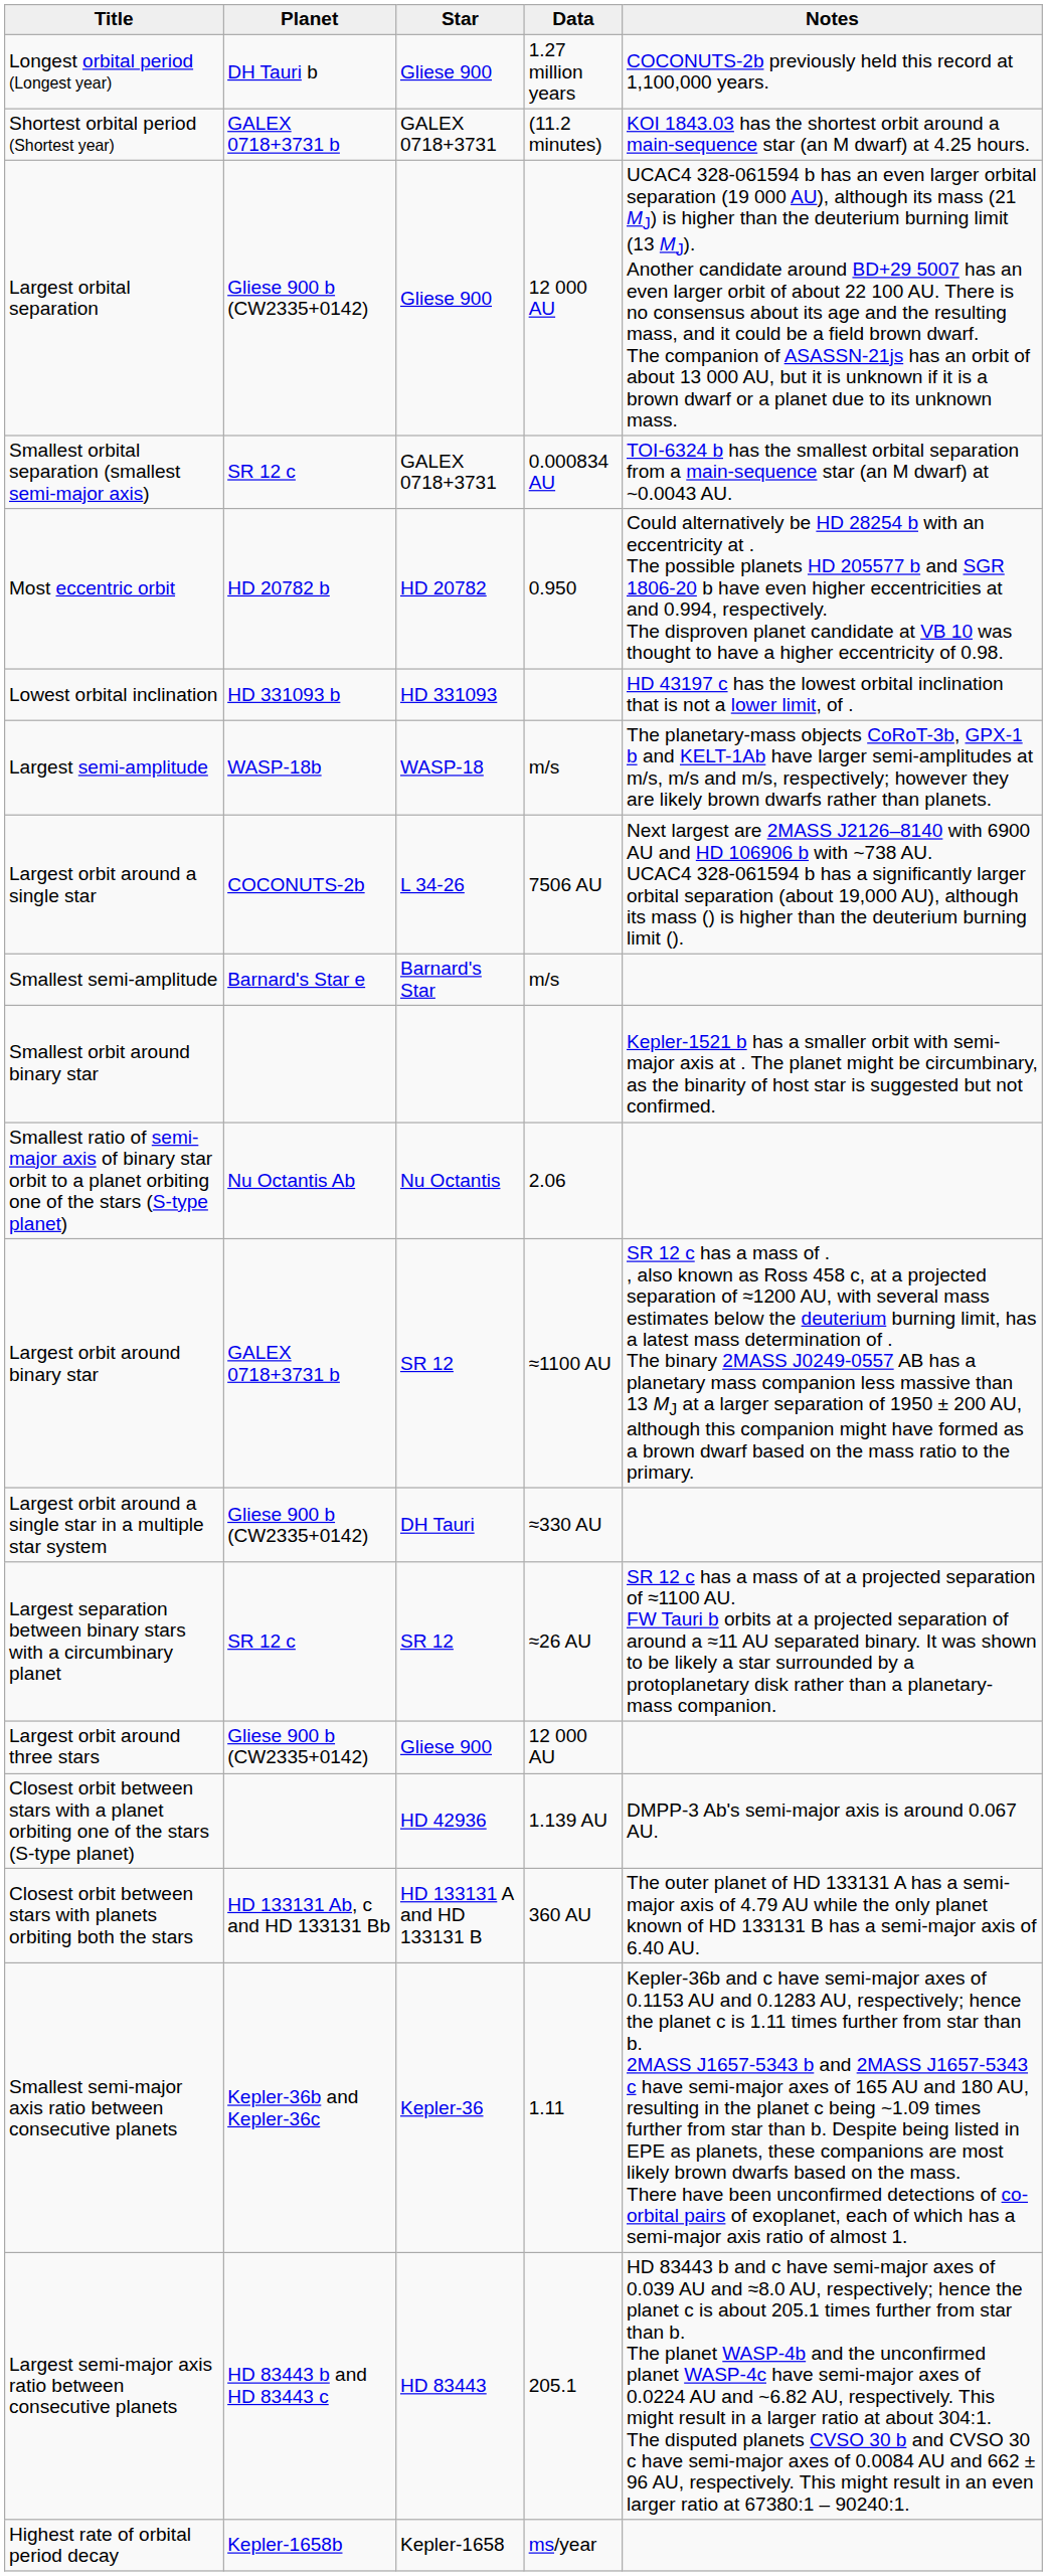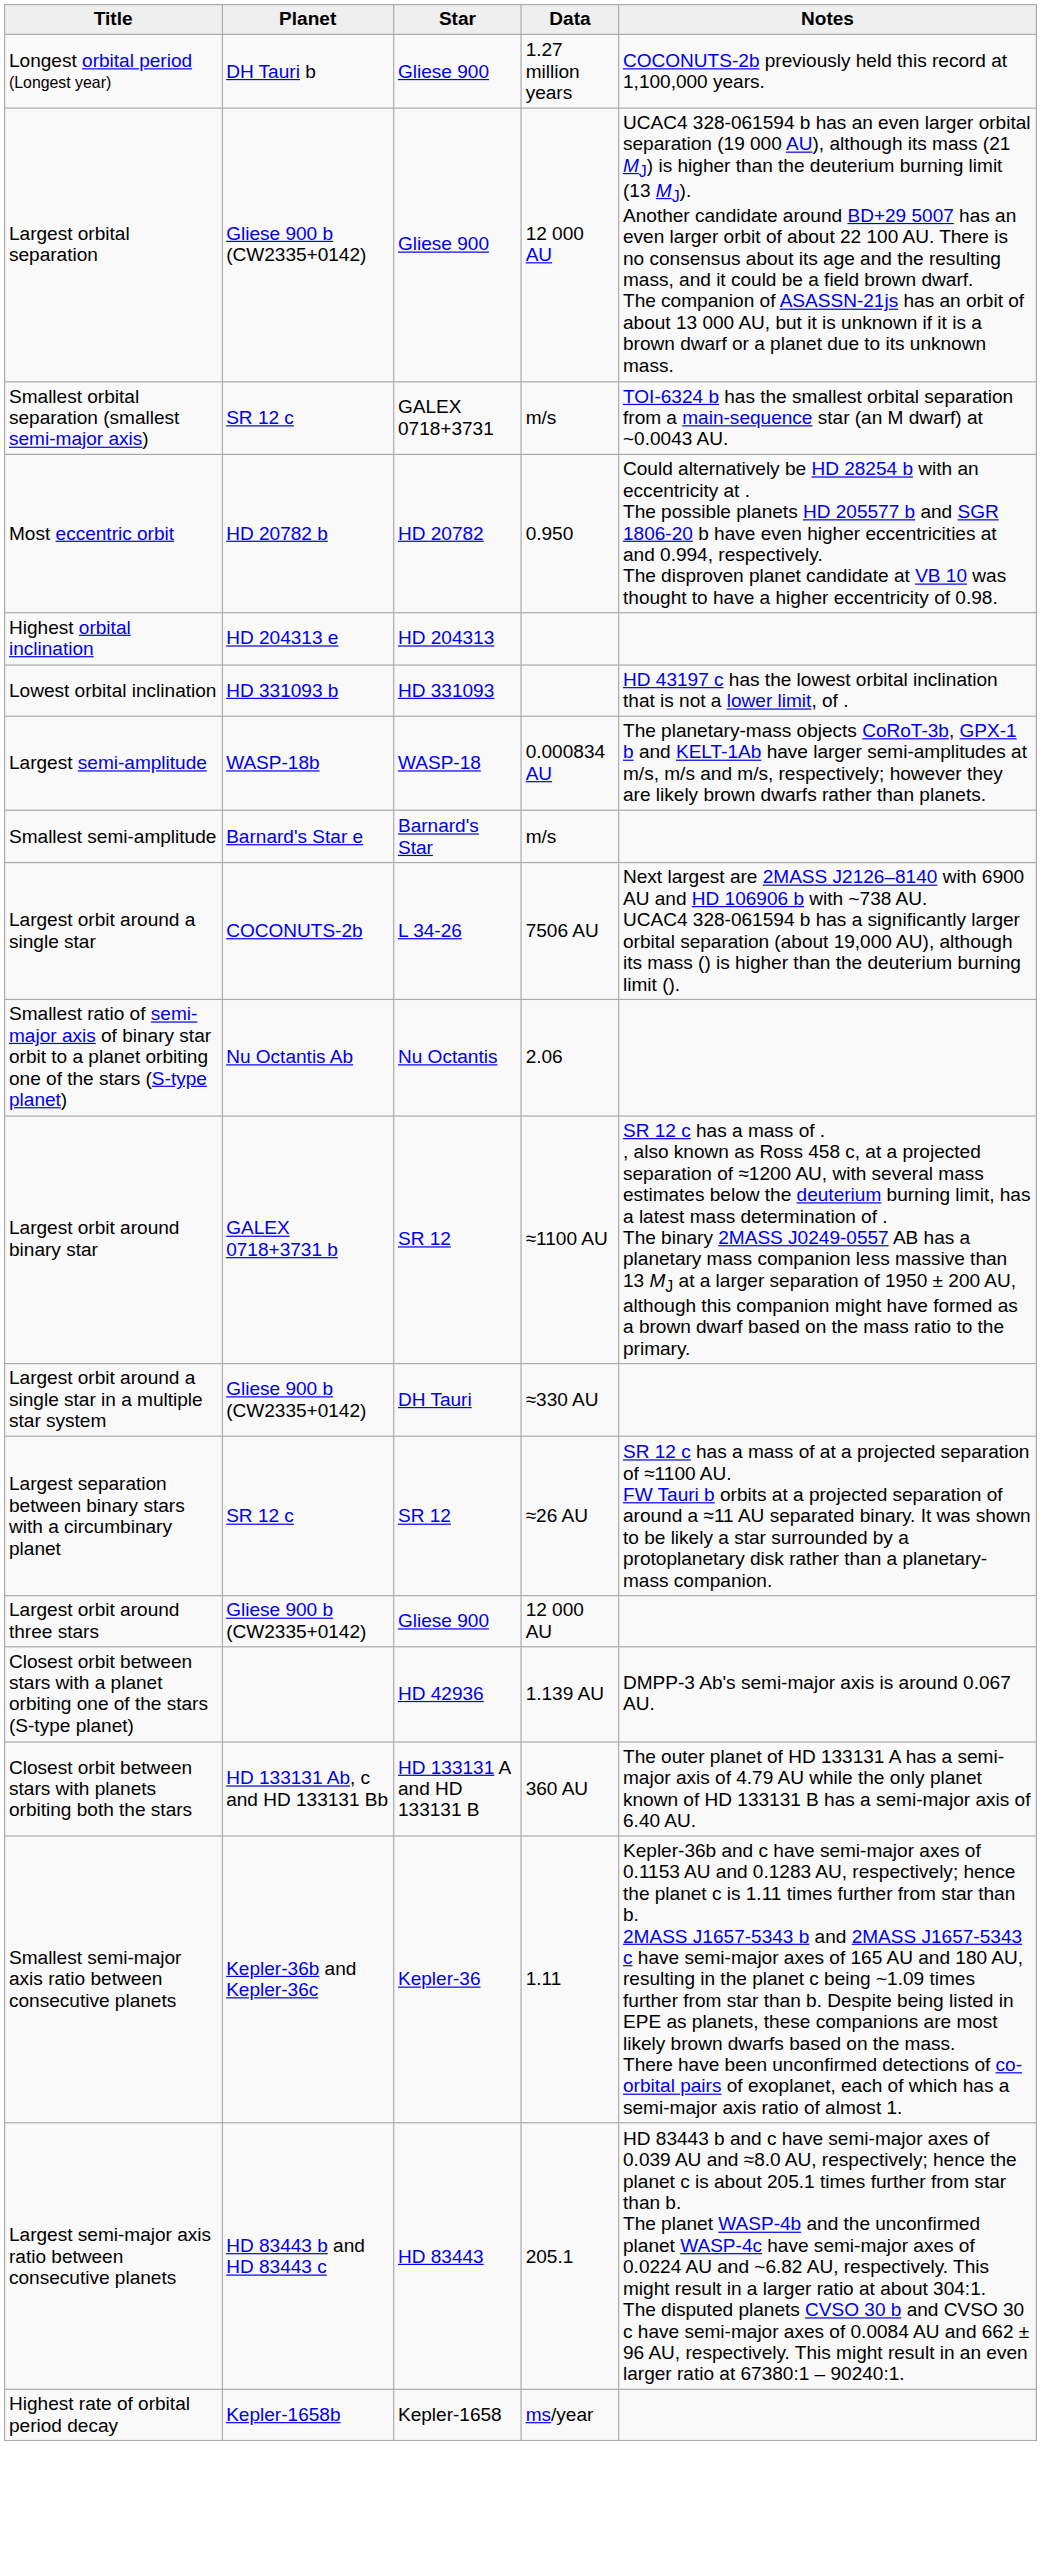 <table class="wikitable sticky-header" style="text-align:left;">
 <tr>
 <th style="background:#efefef;">Title</th>
 <th style="background:#efefef;">Planet</th>
 <th style="background:#efefef;">Star</th>
 <th style="background:#efefef;">Data</th>
 <th style="background:#efefef;">Notes</th>
 </tr>
 <tr>
 <td>Longest <a href='#'>orbital period</a><br><small>(Longest year)</small></td>
 <td><a href='#'>DH Tauri</a> b</td>
 <td><a href='#'>Gliese 900</a></td>
 <td>1.27 million years</td>
 <td><a href='#'>COCONUTS-2b</a> previously held this record at 1,100,000 years.</td>
 </tr>
 <tr>
-<td>Shortest orbital period<br><small>(Shortest year)</small></td>
-<td><a href='#'>GALEX 0718+3731 b</a></td>
-<td>GALEX 0718+3731</td>
-<td> (11.2 minutes)</td>
-<td><a href='#'>KOI 1843.03</a> has the shortest orbit around a <a href='#'>main-sequence</a> star (an M dwarf) at 4.25 hours.</td>
-</tr>
-<tr>
 <td>Largest orbital separation</td>
 <td><a href='#'>Gliese 900 b</a> (CW2335+0142)</td>
 <td><a href='#'>Gliese 900</a></td>
 <td>12 000 <a href='#'>AU</a></td>
 <td>UCAC4 328-061594 b has an even larger orbital separation (19 000 <a href='#'>AU</a>), although its mass (21 <a href='#'><var>M</var><sub>J</sub></a>) is higher than the deuterium burning limit (13 <a href='#'><var>M</var><sub>J</sub></a>).<br>Another candidate around <a href='#'>BD+29 5007</a> has an even larger orbit of about 22 100 AU. There is no consensus about its age and the resulting mass, and it could be a field brown dwarf.<br>The companion of <a href='#'>ASASSN-21js</a> has an orbit of about 13 000 AU, but it is unknown if it is a brown dwarf or a planet due to its unknown mass.</td>
 </tr>
 <tr>
 <td>Smallest orbital separation (smallest <a href='#'>semi-major axis</a>)</td>
 <td><a href='#'>SR 12 c</a></td>
 <td>GALEX 0718+3731</td>
-<td>0.000834 <a href='#'>AU</a></td>
+<td> m/s</td>
 <td><a href='#'>TOI-6324 b</a> has the smallest orbital separation from a <a href='#'>main-sequence</a> star (an M dwarf) at ~0.0043 AU.</td>
 </tr>
 <tr>
 <td>Most <a href='#'>eccentric orbit</a></td>
 <td><a href='#'>HD 20782 b</a></td>
 <td><a href='#'>HD 20782</a></td>
 <td>0.950</td>
 <td>Could alternatively be <a href='#'>HD 28254 b</a> with an eccentricity at .<br>The possible planets <a href='#'>HD 205577 b</a> and <a href='#'>SGR 1806-20</a> b have even higher eccentricities at  and 0.994, respectively.<br>The disproven planet candidate at <a href='#'>VB 10</a> was thought to have a higher eccentricity of 0.98.</td>
+</tr>
+<tr>
+<td>Highest <a href='#'>orbital inclination</a></td>
+<td><a href='#'>HD 204313 e</a></td>
+<td><a href='#'>HD 204313</a></td>
+<td></td>
+<td></td>
 </tr>
 <tr>
 <td>Lowest orbital inclination</td>
 <td><a href='#'>HD 331093 b</a></td>
 <td><a href='#'>HD 331093</a></td>
 <td></td>
 <td> <a href='#'>HD 43197 c</a> has the lowest orbital inclination that is not a <a href='#'>lower limit</a>, of .<br>   </td>
 </tr>
 <tr>
 <td>Largest <a href='#'>semi-amplitude</a></td>
 <td><a href='#'>WASP-18b</a></td>
 <td><a href='#'>WASP-18</a></td>
-<td> m/s</td>
+<td>0.000834 <a href='#'>AU</a></td>
 <td> The planetary-mass objects <a href='#'>CoRoT-3b</a>, <a href='#'>GPX-1 b</a> and <a href='#'>KELT-1Ab</a> have larger semi-amplitudes at  m/s,  m/s and  m/s, respectively; however they are likely brown dwarfs rather than planets.</td>
-</tr>
-<tr>
-<td>Largest orbit around a single star</td>
-<td><a href='#'>COCONUTS-2b</a></td>
-<td><a href='#'>L 34-26</a></td>
-<td>7506 AU</td>
-<td>Next largest are <a href='#'>2MASS J2126–8140</a> with 6900 AU and <a href='#'>HD 106906 b</a> with ~738 AU.<br>UCAC4 328-061594 b has a significantly larger orbital separation (about 19,000 AU), although its mass () is higher than the deuterium burning limit ().</td>
 </tr>
 <tr>
 <td>Smallest semi-amplitude</td>
 <td><a href='#'>Barnard's Star e</a></td>
 <td><a href='#'>Barnard's Star</a></td>
 <td> m/s</td>
 <td></td>
 </tr>
 <tr>
-<td>Smallest orbit around binary star</td>
-<td></td>
-<td></td>
-<td></td>
-<td><br><a href='#'>Kepler-1521 b</a> has a smaller orbit with semi-major axis at . The planet might be circumbinary, as the binarity of host star is suggested but not confirmed.</td>
+<td>Largest orbit around a single star</td>
+<td><a href='#'>COCONUTS-2b</a></td>
+<td><a href='#'>L 34-26</a></td>
+<td>7506 AU</td>
+<td>Next largest are <a href='#'>2MASS J2126–8140</a> with 6900 AU and <a href='#'>HD 106906 b</a> with ~738 AU.<br>UCAC4 328-061594 b has a significantly larger orbital separation (about 19,000 AU), although its mass () is higher than the deuterium burning limit ().</td>
 </tr>
 <tr>
 <td>Smallest ratio of <a href='#'>semi-major axis</a> of binary star orbit to a planet orbiting one of the stars (<a href='#'>S-type planet</a>)</td>
 <td><a href='#'>Nu Octantis Ab</a></td>
 <td><a href='#'>Nu Octantis</a></td>
 <td>2.06</td>
 <td></td>
 </tr>
 <tr>
 <td>Largest orbit around binary star</td>
 <td><a href='#'>GALEX 0718+3731 b</a></td>
 <td><a href='#'>SR 12</a></td>
 <td>≈1100 AU</td>
 <td><a href='#'>SR 12 c</a> has a mass of .<br>, also known as Ross 458 c, at a projected separation of ≈1200 AU, with several mass estimates below the <a href='#'>deuterium</a> burning limit, has a latest mass determination of  .<br>The binary <a href='#'>2MASS J0249-0557</a> AB has a planetary mass companion less massive than 13 <em>M</em><sub>J</sub> at a larger separation of 1950 ± 200 AU, although this companion might have formed as a brown dwarf based on the mass ratio to the primary.</td>
 </tr>
 <tr>
 <td>Largest orbit around a single star in a multiple star system</td>
 <td><a href='#'>Gliese 900 b</a> (CW2335+0142)</td>
 <td><a href='#'>DH Tauri</a></td>
 <td>≈330 AU</td>
 <td></td>
 </tr>
 <tr>
 <td>Largest separation between binary stars with a circumbinary planet</td>
 <td><a href='#'>SR 12 c</a></td>
 <td><a href='#'>SR 12</a></td>
 <td>≈26 AU</td>
 <td><a href='#'>SR 12 c</a> has a mass of  at a projected separation of ≈1100 AU.<br> <a href='#'>FW Tauri b</a> orbits at a projected separation of  around a ≈11 AU separated binary. It was shown to be likely a  star surrounded by a protoplanetary disk rather than a planetary-mass companion.</td>
 </tr>
 <tr>
 <td>Largest orbit around three stars</td>
 <td><a href='#'>Gliese 900 b</a> (CW2335+0142)</td>
 <td><a href='#'>Gliese 900</a></td>
 <td>12 000 AU</td>
 <td></td>
 </tr>
 <tr>
 <td>Closest orbit between stars with a planet orbiting one of the stars (S-type planet)</td>
 <td></td>
 <td><a href='#'>HD 42936</a></td>
 <td>1.139 AU</td>
 <td>DMPP-3 Ab's semi-major axis is around 0.067 AU.</td>
 </tr>
 <tr>
 <td>Closest orbit between stars with planets orbiting both the stars</td>
 <td><a href='#'>HD 133131 Ab</a>, c and HD 133131 Bb</td>
 <td><a href='#'>HD 133131</a> A and HD 133131 B</td>
 <td>360 AU</td>
 <td>The outer planet of HD 133131 A has a semi-major axis of 4.79 AU while the only planet known of HD 133131 B has a semi-major axis of 6.40 AU.</td>
 </tr>
 <tr>
 <td>Smallest semi-major axis ratio between consecutive planets</td>
 <td><a href='#'>Kepler-36b</a> and <a href='#'>Kepler-36c</a></td>
 <td><a href='#'>Kepler-36</a></td>
 <td>1.11</td>
 <td>Kepler-36b and c have semi-major axes of 0.1153 AU and 0.1283 AU, respectively; hence the planet c is 1.11 times further from star than b.<br><a href='#'>2MASS J1657-5343 b</a> and <a href='#'>2MASS J1657-5343 c</a> have semi-major axes of 165 AU and 180 AU, resulting in the planet c being ~1.09 times further from star than b. Despite being listed in EPE as planets, these companions are most likely brown dwarfs based on the mass.<br>There have been unconfirmed detections of <a href='#'>co-orbital pairs</a> of exoplanet, each of which has a semi-major axis ratio of almost 1. </td>
 </tr>
 <tr>
 <td>Largest semi-major axis ratio between consecutive planets</td>
 <td><a href='#'>HD 83443 b</a> and <a href='#'>HD 83443 c</a></td>
 <td><a href='#'>HD 83443</a></td>
 <td>205.1</td>
 <td>HD 83443 b and c have semi-major axes of 0.039 AU and ≈8.0 AU, respectively; hence the planet c is about 205.1 times further from star than b.<br>The planet <a href='#'>WASP-4b</a> and the unconfirmed planet <a href='#'>WASP-4c</a> have semi-major axes of 0.0224 AU and ~6.82 AU, respectively. This might result in a larger ratio at about 304:1.<br>The disputed planets <a href='#'>CVSO 30 b</a> and CVSO 30 c have semi-major axes of 0.0084 AU and 662 ± 96 AU, respectively. This might result in an even larger ratio at 67380:1 – 90240:1.</td>
 </tr>
 <tr>
 <td>Highest rate of orbital period decay</td>
 <td><a href='#'>Kepler-1658b</a></td>
 <td>Kepler-1658</td>
 <td> <a href='#'>ms</a>/year</td>
 <td></td>
 </tr>
 </table>
